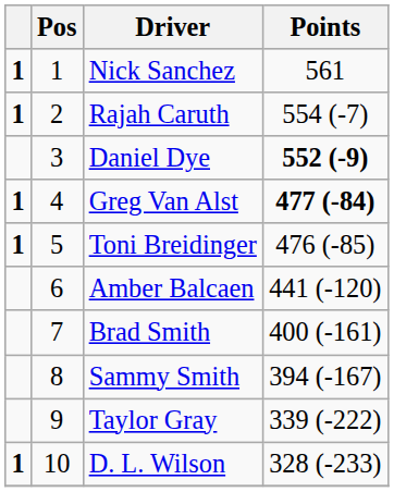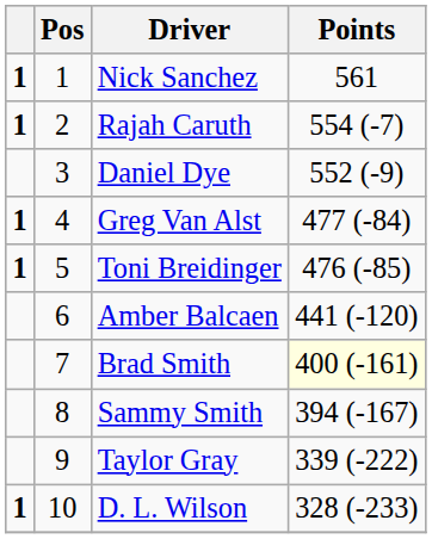 <table class="wikitable" style="font-size: 95%;">
 <tr>
 <th></th>
 <th>Pos</th>
 <th>Driver</th>
 <th>Points</th>
 </tr>
 <tr>
 <td align="left"> <strong>1</strong></td>
 <td style="text-align:center;">1</td>
 <td><a href='#'>Nick Sanchez</a></td>
 <td style="text-align:center;">561</td>
 </tr>
 <tr>
 <td align="left"> <strong>1</strong></td>
 <td style="text-align:center;">2</td>
 <td><a href='#'>Rajah Caruth</a></td>
 <td style="text-align:center;">554 (-7)</td>
 </tr>
 <tr>
 <td align="left"></td>
 <td style="text-align:center;">3</td>
 <td><a href='#'>Daniel Dye</a></td>
-<td style="text-align:center;"><strong>552 (-9)</strong></td>
+<td style="text-align:center;">552 (-9)</td>
 </tr>
 <tr>
 <td align="left"> <strong>1</strong></td>
 <td style="text-align:center;">4</td>
 <td><a href='#'>Greg Van Alst</a></td>
-<td style="text-align:center;"><strong>477 (-84)</strong></td>
+<td style="text-align:center;">477 (-84)</td>
 </tr>
 <tr>
 <td align="left"> <strong>1</strong></td>
 <td style="text-align:center;">5</td>
 <td><a href='#'>Toni Breidinger</a></td>
 <td style="text-align:center;">476 (-85)</td>
 </tr>
 <tr>
 <td align="left"></td>
 <td style="text-align:center;">6</td>
 <td><a href='#'>Amber Balcaen</a></td>
 <td style="text-align:center;">441 (-120)</td>
 </tr>
 <tr>
 <td align="left"></td>
 <td style="text-align:center;">7</td>
 <td><a href='#'>Brad Smith</a></td>
-<td style="text-align:center;">400 (-161)</td>
+<td style="background: lightyellow; text-align:center;">400 (-161)</td>
 </tr>
 <tr>
 <td align="left"></td>
 <td style="text-align:center;">8</td>
 <td><a href='#'>Sammy Smith</a></td>
 <td style="text-align:center;">394 (-167)</td>
 </tr>
 <tr>
 <td align="left"></td>
 <td style="text-align:center;">9</td>
 <td><a href='#'>Taylor Gray</a></td>
 <td style="text-align:center;">339 (-222)</td>
 </tr>
 <tr>
 <td align="left"> <strong>1</strong></td>
 <td style="text-align:center;">10</td>
 <td><a href='#'>D. L. Wilson</a></td>
 <td style="text-align:center;">328 (-233)</td>
 </tr>
 <tr class="sortbottom">
 </tr>
 </table>
